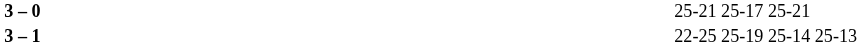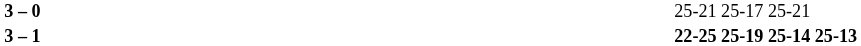 <table width=100% cellspacing=1>
 <tr>
 <th width=20%></th>
 <th width=12%></th>
 <th width=20%></th>
 <th width=33%></th>
 <td></td>
 </tr>
 <tr style=font-size:90%>
 <td align=right><strong></strong></td>
 <td align=center><strong>3 – 0</strong></td>
 <td></td>
 <td>25-21 25-17 25-21</td>
 <td></td>
 </tr>
 <tr style=font-size:90%>
 <td align=right><strong></strong></td>
 <td align=center><strong>3 – 1</strong></td>
 <td></td>
-<td>22-25 25-19 25-14 25-13</td>
+<td><strong>22-25 25-19 25-14 25-13</strong></td>
 </tr>
 </table>
